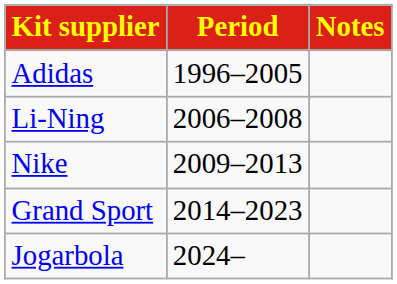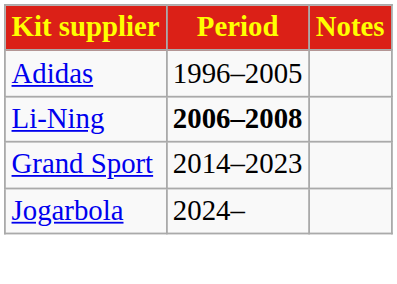 <table class="wikitable" style="text-align:left;">
 <tr>
 <th style="text-align: center; background-color:#DB2017; color:#FFFF00">Kit supplier</th>
 <th style="text-align: center; background-color:#DB2017; color:#FFFF00">Period</th>
 <th style="text-align: center; background-color:#DB2017; color:#FFFF00">Notes</th>
 </tr>
 <tr>
 <td align="Centre">  <a href='#'>Adidas</a></td>
 <td>1996–2005</td>
 <td></td>
 </tr>
 <tr>
 <td align="Centre">  <a href='#'>Li-Ning</a></td>
-<td>2006–2008</td>
-<td></td>
-</tr>
-<tr>
-<td align="Centre">  <a href='#'>Nike</a></td>
-<td>2009–2013</td>
+<td><strong>2006–2008</strong></td>
 <td></td>
 </tr>
 <tr>
 <td align="Centre"> <a href='#'>Grand Sport</a></td>
 <td>2014–2023</td>
 <td></td>
 </tr>
 <tr>
 <td align="Centre"> <a href='#'>Jogarbola</a></td>
 <td>2024–</td>
 <td></td>
 </tr>
 </table>
